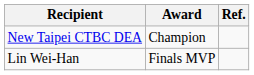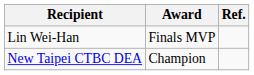 <table class="wikitable">
 <tr>
 <th>Recipient</th>
 <th>Award</th>
 <th>Ref.</th>
 </tr>
 <tr>
+<td>Lin Wei-Han</td>
+<td>Finals MVP</td>
+<td></td>
+</tr>
+<tr>
 <td><a href='#'>New Taipei CTBC DEA</a></td>
 <td>Champion</td>
 <td></td>
 </tr>
-<tr>
-<td>Lin Wei-Han</td>
-<td>Finals MVP</td>
-<td></td>
-</tr>
 </table>
